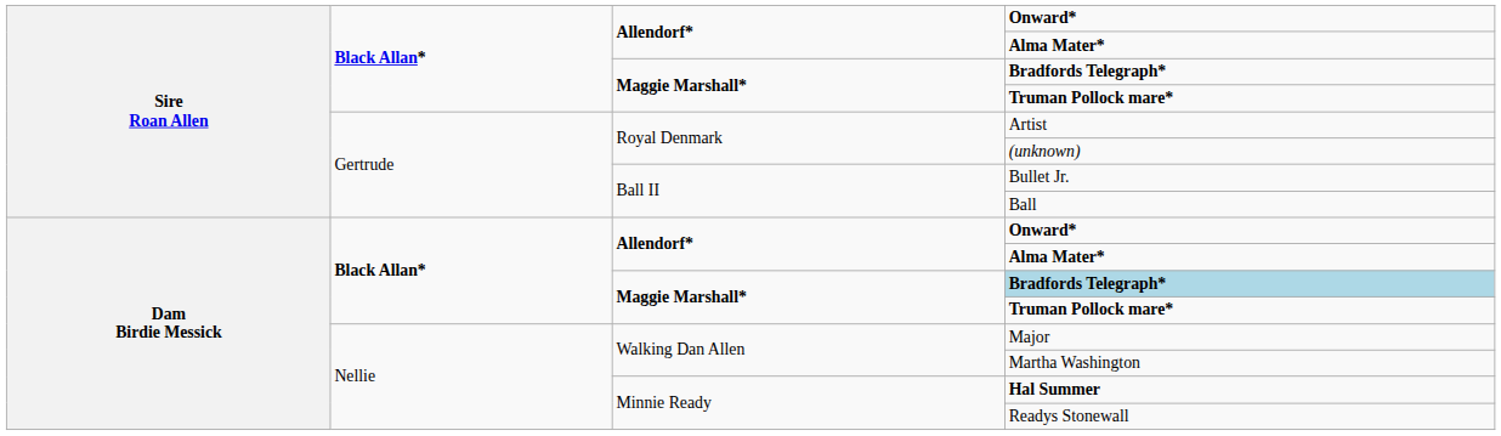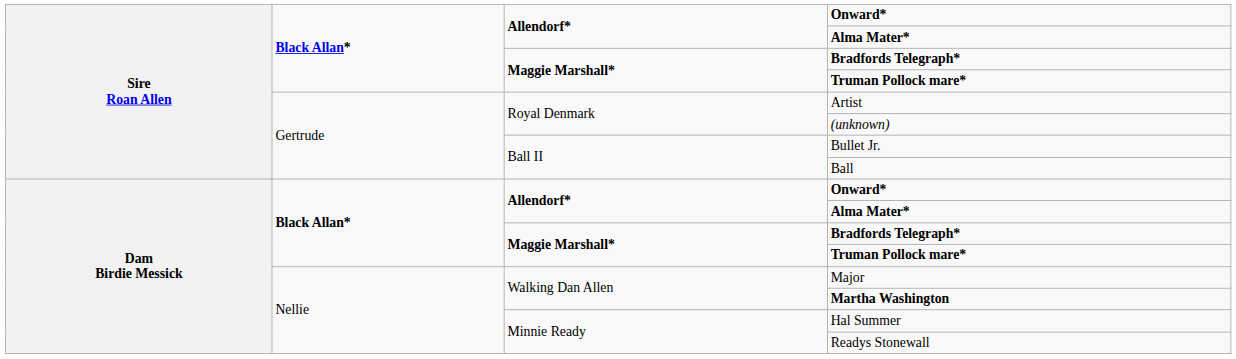 <table class="wikitable" style="clear:both; margin:0em auto; width:90%;">
 <tr>
 <th rowspan="8">Sire<br><a href='#'>Roan Allen</a></th>
 <td rowspan="4"><strong><a href='#'>Black Allan</a>*</strong></td>
 <td rowspan="2"><strong>Allendorf*</strong></td>
 <td><strong>Onward*</strong></td>
 </tr>
 <tr>
 <td><strong>Alma Mater*</strong></td>
 </tr>
 <tr>
 <td rowspan="2"><strong>Maggie Marshall*</strong></td>
 <td><strong>Bradfords Telegraph*</strong></td>
 </tr>
 <tr>
 <td><strong>Truman Pollock mare*</strong></td>
 </tr>
 <tr>
 <td rowspan="4">Gertrude</td>
 <td rowspan="2">Royal Denmark</td>
 <td>Artist</td>
 </tr>
 <tr>
 <td><span><em>(unknown)</em></span></td>
 </tr>
 <tr>
 <td rowspan="2">Ball II</td>
 <td>Bullet Jr.</td>
 </tr>
 <tr>
 <td>Ball</td>
 </tr>
 <tr>
 <th rowspan="8">Dam<br>Birdie Messick</th>
 <td rowspan="4"><strong>Black Allan*</strong></td>
 <td rowspan="2"><strong>Allendorf*</strong></td>
 <td><strong>Onward*</strong></td>
 </tr>
 <tr>
 <td><strong>Alma Mater*</strong></td>
 </tr>
 <tr>
 <td rowspan="2"><strong>Maggie Marshall*</strong></td>
-<td style="background: lightblue;"><strong>Bradfords Telegraph*</strong></td>
+<td><strong>Bradfords Telegraph*</strong></td>
 </tr>
 <tr>
 <td><strong>Truman Pollock mare*</strong></td>
 </tr>
 <tr>
 <td rowspan="4">Nellie</td>
 <td rowspan="2">Walking Dan Allen</td>
 <td>Major</td>
 </tr>
 <tr>
-<td>Martha Washington</td>
+<td><strong>Martha Washington</strong></td>
 </tr>
 <tr>
 <td rowspan="2">Minnie Ready</td>
-<td><strong>Hal Summer</strong></td>
+<td>Hal Summer</td>
 </tr>
 <tr>
 <td>Readys Stonewall</td>
 </tr>
 </table>
